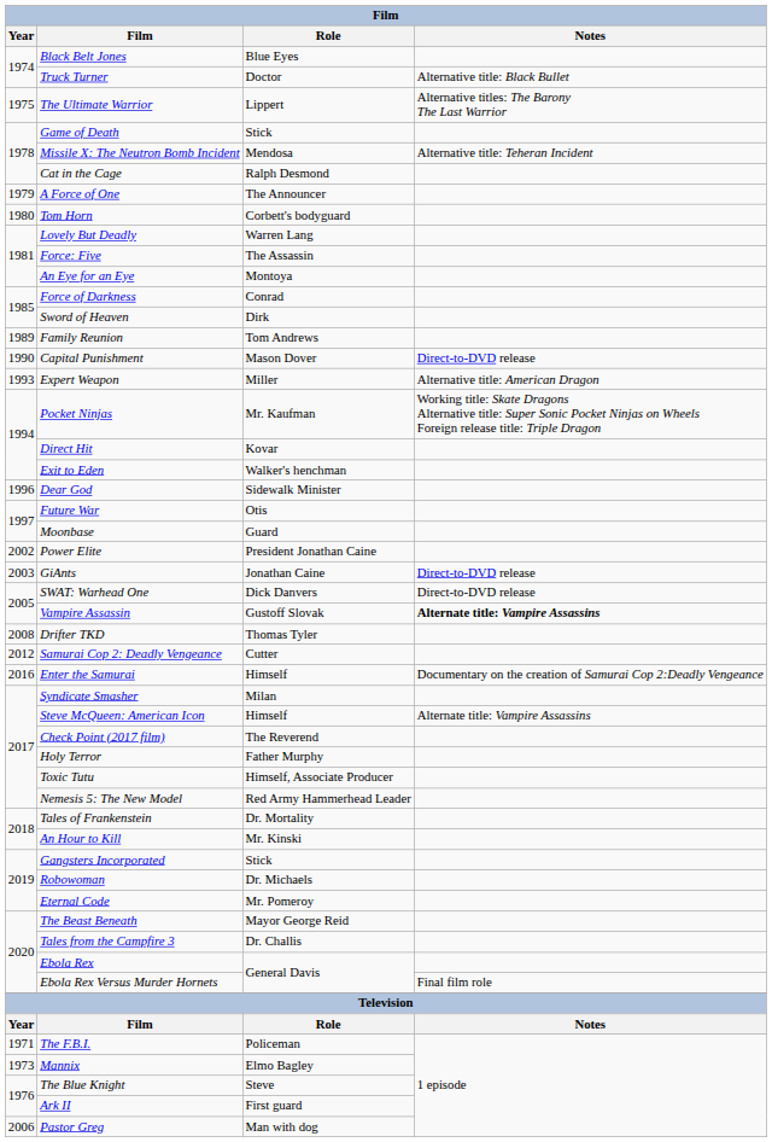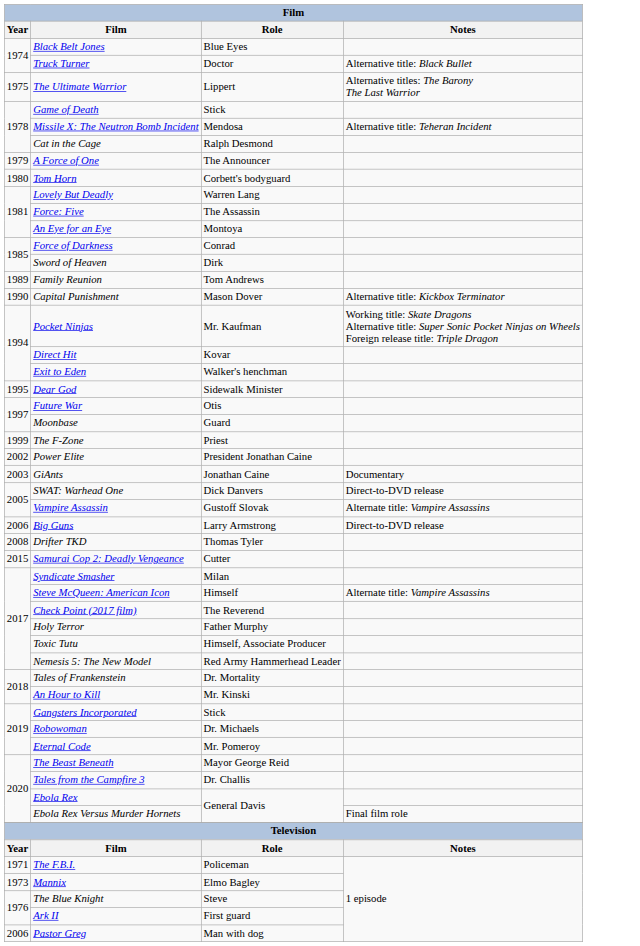 <table class="wikitable">
 <tr style="background:#ccc; text-align:center;">
 <th colspan="4" style="background: LightSteelBlue;">Film</th>
 </tr>
 <tr style="background:#ccc; text-align:center;">
 <th>Year</th>
 <th>Film</th>
 <th>Role</th>
 <th>Notes</th>
 </tr>
 <tr>
 <td rowspan=2>1974</td>
 <td><em><a href='#'>Black Belt Jones</a></em></td>
 <td>Blue Eyes</td>
 <td></td>
 </tr>
 <tr>
 <td><em><a href='#'>Truck Turner</a></em></td>
 <td>Doctor</td>
 <td>Alternative title: <em>Black Bullet</em></td>
 </tr>
 <tr>
 <td>1975</td>
 <td><em><a href='#'>The Ultimate Warrior</a></em></td>
 <td>Lippert</td>
 <td>Alternative titles: <em>The Barony</em><br><em>The Last Warrior</em></td>
 </tr>
 <tr>
 <td rowspan=3>1978</td>
 <td><em><a href='#'>Game of Death</a></em></td>
 <td>Stick</td>
 <td></td>
 </tr>
 <tr>
 <td><em><a href='#'>Missile X: The Neutron Bomb Incident</a></em></td>
 <td>Mendosa</td>
 <td>Alternative title: <em>Teheran Incident</em></td>
 </tr>
 <tr>
 <td><em>Cat in the Cage</em></td>
 <td>Ralph Desmond</td>
 <td></td>
 </tr>
 <tr>
 <td>1979</td>
 <td><em><a href='#'>A Force of One</a></em></td>
 <td>The Announcer</td>
 <td></td>
 </tr>
 <tr>
 <td>1980</td>
 <td><em><a href='#'>Tom Horn</a></em></td>
 <td>Corbett's bodyguard</td>
 <td></td>
 </tr>
 <tr>
 <td rowspan=3>1981</td>
 <td><em><a href='#'>Lovely But Deadly</a></em></td>
 <td>Warren Lang</td>
 <td></td>
 </tr>
 <tr>
 <td><em><a href='#'>Force: Five</a></em></td>
 <td>The Assassin</td>
 <td></td>
 </tr>
 <tr>
 <td><em><a href='#'>An Eye for an Eye</a></em></td>
 <td>Montoya</td>
 <td></td>
 </tr>
 <tr>
 <td rowspan=2>1985</td>
 <td><em><a href='#'>Force of Darkness</a></em></td>
 <td>Conrad</td>
 <td></td>
 </tr>
 <tr>
 <td><em>Sword of Heaven</em></td>
 <td>Dirk</td>
 <td></td>
 </tr>
 <tr>
 <td>1989</td>
 <td><em>Family Reunion</em></td>
 <td>Tom Andrews</td>
 <td></td>
 </tr>
 <tr>
 <td>1990</td>
 <td><em>Capital Punishment</em></td>
 <td>Mason Dover</td>
-<td><a href='#'>Direct-to-DVD</a> release</td>
-</tr>
-<tr>
-<td>1993</td>
-<td><em>Expert Weapon</em></td>
-<td>Miller</td>
-<td>Alternative title: <em>American Dragon</em></td>
+<td>Alternative title: <em>Kickbox Terminator</em></td>
 </tr>
 <tr>
 <td rowspan=3>1994</td>
 <td><em><a href='#'>Pocket Ninjas</a></em></td>
 <td>Mr. Kaufman</td>
 <td>Working title: <em>Skate Dragons</em><br>Alternative title: <em>Super Sonic Pocket Ninjas on Wheels</em><br>Foreign release title: <em>Triple Dragon</em></td>
 </tr>
 <tr>
 <td><em><a href='#'>Direct Hit</a></em></td>
 <td>Kovar</td>
 <td></td>
 </tr>
 <tr>
 <td><em><a href='#'>Exit to Eden</a></em></td>
 <td>Walker's henchman</td>
 <td></td>
 </tr>
 <tr>
-<td>1996</td>
+<td>1995</td>
 <td><em><a href='#'>Dear God</a></em></td>
 <td>Sidewalk Minister</td>
 <td></td>
 </tr>
 <tr>
 <td rowspan=2>1997</td>
 <td><em><a href='#'>Future War</a></em></td>
 <td>Otis</td>
 <td></td>
 </tr>
 <tr>
 <td><em>Moonbase</em></td>
 <td>Guard</td>
 <td></td>
 </tr>
 <tr>
+<td>1999</td>
+<td><em>The F-Zone</em></td>
+<td>Priest</td>
+<td></td>
+</tr>
+<tr>
 <td>2002</td>
 <td><em>Power Elite</em></td>
 <td>President Jonathan Caine</td>
 <td></td>
 </tr>
 <tr>
 <td>2003</td>
 <td><em>GiAnts</em></td>
 <td>Jonathan Caine</td>
-<td><a href='#'>Direct-to-DVD</a> release</td>
+<td>Documentary</td>
 </tr>
 <tr>
 <td rowspan=2>2005</td>
 <td><em>SWAT: Warhead One</em></td>
 <td>Dick Danvers</td>
 <td>Direct-to-DVD release</td>
 </tr>
 <tr>
 <td><em><a href='#'>Vampire Assassin</a></em></td>
 <td>Gustoff Slovak</td>
-<td><strong>Alternate title: <em>Vampire Assassins</em></strong></td>
+<td>Alternate title: <em>Vampire Assassins</em></td>
+</tr>
+<tr>
+<td>2006</td>
+<td><em><a href='#'>Big Guns</a></em></td>
+<td>Larry Armstrong</td>
+<td>Direct-to-DVD release</td>
 </tr>
 <tr>
 <td>2008</td>
 <td><em>Drifter TKD</em></td>
 <td>Thomas Tyler</td>
 <td></td>
 </tr>
 <tr>
-<td>2012</td>
+<td>2015</td>
 <td><em><a href='#'>Samurai Cop 2: Deadly Vengeance</a></em></td>
 <td>Cutter</td>
 <td></td>
-</tr>
-<tr>
-<td>2016</td>
-<td><em><a href='#'>Enter the Samurai</a></em></td>
-<td>Himself</td>
-<td>Documentary on the creation of <em>Samurai Cop 2:Deadly Vengeance</em></td>
 </tr>
 <tr>
 <td rowspan=6>2017</td>
 <td><em><a href='#'>Syndicate Smasher</a></em></td>
 <td>Milan</td>
 <td></td>
 </tr>
 <tr>
 <td><em><a href='#'>Steve McQueen: American Icon</a></em></td>
 <td>Himself</td>
 <td>Alternate title: <em>Vampire Assassins</em></td>
 </tr>
 <tr>
 <td><em><a href='#'>Check Point (2017 film)</a></em></td>
 <td>The Reverend</td>
 <td></td>
 </tr>
 <tr>
 <td><em>Holy Terror</em></td>
 <td>Father Murphy</td>
 <td></td>
 </tr>
 <tr>
 <td><em>Toxic Tutu</em></td>
 <td>Himself, Associate Producer</td>
 <td></td>
 </tr>
 <tr>
 <td><em>Nemesis 5: The New Model</em></td>
 <td>Red Army Hammerhead Leader</td>
 <td></td>
 </tr>
 <tr>
 <td rowspan=2>2018</td>
 <td><em>Tales of Frankenstein</em></td>
 <td>Dr. Mortality</td>
 <td></td>
 </tr>
 <tr>
 <td><em><a href='#'>An Hour to Kill</a></em></td>
 <td>Mr. Kinski</td>
 <td></td>
 </tr>
 <tr>
 <td rowspan=3>2019</td>
 <td><em><a href='#'>Gangsters Incorporated</a></em></td>
 <td>Stick</td>
 <td></td>
 </tr>
 <tr>
 <td><em><a href='#'>Robowoman</a></em></td>
 <td>Dr. Michaels</td>
 <td></td>
 </tr>
 <tr>
 <td><em><a href='#'>Eternal Code</a></em></td>
 <td>Mr. Pomeroy</td>
 <td></td>
 </tr>
 <tr>
 <td rowspan=4>2020</td>
 <td><em><a href='#'>The Beast Beneath</a></em></td>
 <td>Mayor George Reid</td>
 <td></td>
 </tr>
 <tr>
 <td><em><a href='#'>Tales from the Campfire 3</a></em></td>
 <td>Dr. Challis</td>
 <td></td>
 </tr>
 <tr>
 <td><em><a href='#'>Ebola Rex</a></em></td>
 <td rowspan=2>General Davis</td>
 <td></td>
 </tr>
 <tr>
 <td><em>Ebola Rex Versus Murder Hornets</em></td>
 <td>Final film role</td>
 </tr>
 <tr>
 </tr>
 <tr style="background:#ccc; text-align:center;">
 <th colspan="4" style="background: LightSteelBlue;">Television</th>
 </tr>
 <tr style="background:#ccc; text-align:center;">
 <th>Year</th>
 <th>Film</th>
 <th>Role</th>
 <th>Notes</th>
 </tr>
 <tr>
 <td>1971</td>
 <td><em><a href='#'>The F.B.I.</a></em></td>
 <td>Policeman</td>
 <td rowspan=5>1 episode</td>
 </tr>
 <tr>
 <td>1973</td>
 <td><em><a href='#'>Mannix</a></em></td>
 <td>Elmo Bagley</td>
 </tr>
 <tr>
 <td rowspan=2>1976</td>
 <td><em>The Blue Knight</em></td>
 <td>Steve</td>
 </tr>
 <tr>
 <td><em><a href='#'>Ark II</a></em></td>
 <td>First guard</td>
 </tr>
 <tr>
 <td>2006</td>
 <td><em><a href='#'>Pastor Greg</a></em></td>
 <td>Man with dog</td>
 </tr>
 </table>
